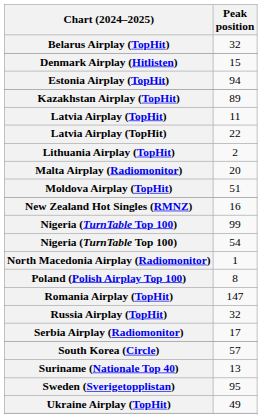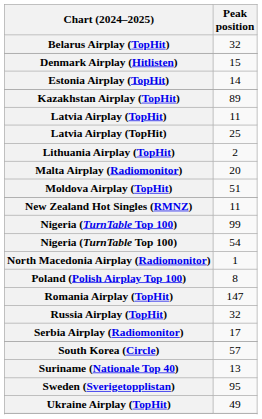 <table class="wikitable sortable plainrowheaders" style="text-align:center">
 <tr>
 <th scope="col">Chart (2024–2025)</th>
 <th scope="col">Peak<br>position</th>
 </tr>
 <tr>
 <th scope="row">Belarus Airplay (<a href='#'>TopHit</a>)</th>
 <td>32</td>
 </tr>
 <tr>
 </tr>
 <tr>
 </tr>
 <tr>
 </tr>
 <tr>
 <th scope="row">Denmark Airplay (<a href='#'>Hitlisten</a>)</th>
 <td>15</td>
 </tr>
 <tr>
 <th scope="row">Estonia Airplay (<a href='#'>TopHit</a>)</th>
-<td>94</td>
+<td>14</td>
 </tr>
 <tr>
 </tr>
 <tr>
 </tr>
 <tr>
 <th scope="row">Kazakhstan Airplay (<a href='#'>TopHit</a>)</th>
 <td>89</td>
 </tr>
 <tr>
 <th scope="row">Latvia Airplay (<a href='#'>TopHit</a>)</th>
 <td>11</td>
 </tr>
 <tr>
 <th scope="row">Latvia Airplay (TopHit)<br></th>
-<td>22</td>
+<td>25</td>
 </tr>
 <tr>
 <th scope="row">Lithuania Airplay (<a href='#'>TopHit</a>)</th>
 <td>2</td>
 </tr>
 <tr>
 <th scope="row">Malta Airplay (<a href='#'>Radiomonitor</a>)</th>
 <td>20</td>
 </tr>
 <tr>
 <th scope="row">Moldova Airplay (<a href='#'>TopHit</a>)</th>
 <td>51</td>
 </tr>
 <tr>
 </tr>
 <tr>
 </tr>
 <tr>
 <th scope="row">New Zealand Hot Singles (<a href='#'>RMNZ</a>)</th>
-<td>16</td>
+<td>11</td>
 </tr>
 <tr>
 <th scope="row">Nigeria (<a href='#'><em>TurnTable</em> Top 100</a>)</th>
 <td>99</td>
 </tr>
 <tr>
 <th scope="row">Nigeria (<em>TurnTable</em> Top 100)<br></th>
 <td>54</td>
 </tr>
 <tr>
 <th scope="row">North Macedonia Airplay (<a href='#'>Radiomonitor</a>)</th>
 <td>1</td>
 </tr>
 <tr>
 <th scope="row">Poland (<a href='#'>Polish Airplay Top 100</a>)</th>
 <td>8</td>
 </tr>
 <tr>
 <th scope="row">Romania Airplay (<a href='#'>TopHit</a>)</th>
 <td>147</td>
 </tr>
 <tr>
 <th scope="row">Russia Airplay (<a href='#'>TopHit</a>)</th>
 <td>32</td>
 </tr>
 <tr>
 <th scope="row">Serbia Airplay (<a href='#'>Radiomonitor</a>)</th>
 <td>17</td>
 </tr>
 <tr>
 </tr>
 <tr>
 <th scope="row">South Korea  (<a href='#'>Circle</a>)</th>
 <td>57</td>
 </tr>
 <tr>
 <th scope="row">Suriname (<a href='#'>Nationale Top 40</a>)</th>
 <td>13</td>
 </tr>
 <tr>
 <th scope="row">Sweden (<a href='#'>Sverigetopplistan</a>)</th>
 <td>95</td>
 </tr>
 <tr>
 <th scope="row">Ukraine Airplay (<a href='#'>TopHit</a>)</th>
 <td>49</td>
 </tr>
 <tr>
 </tr>
 <tr>
 </tr>
 </table>
